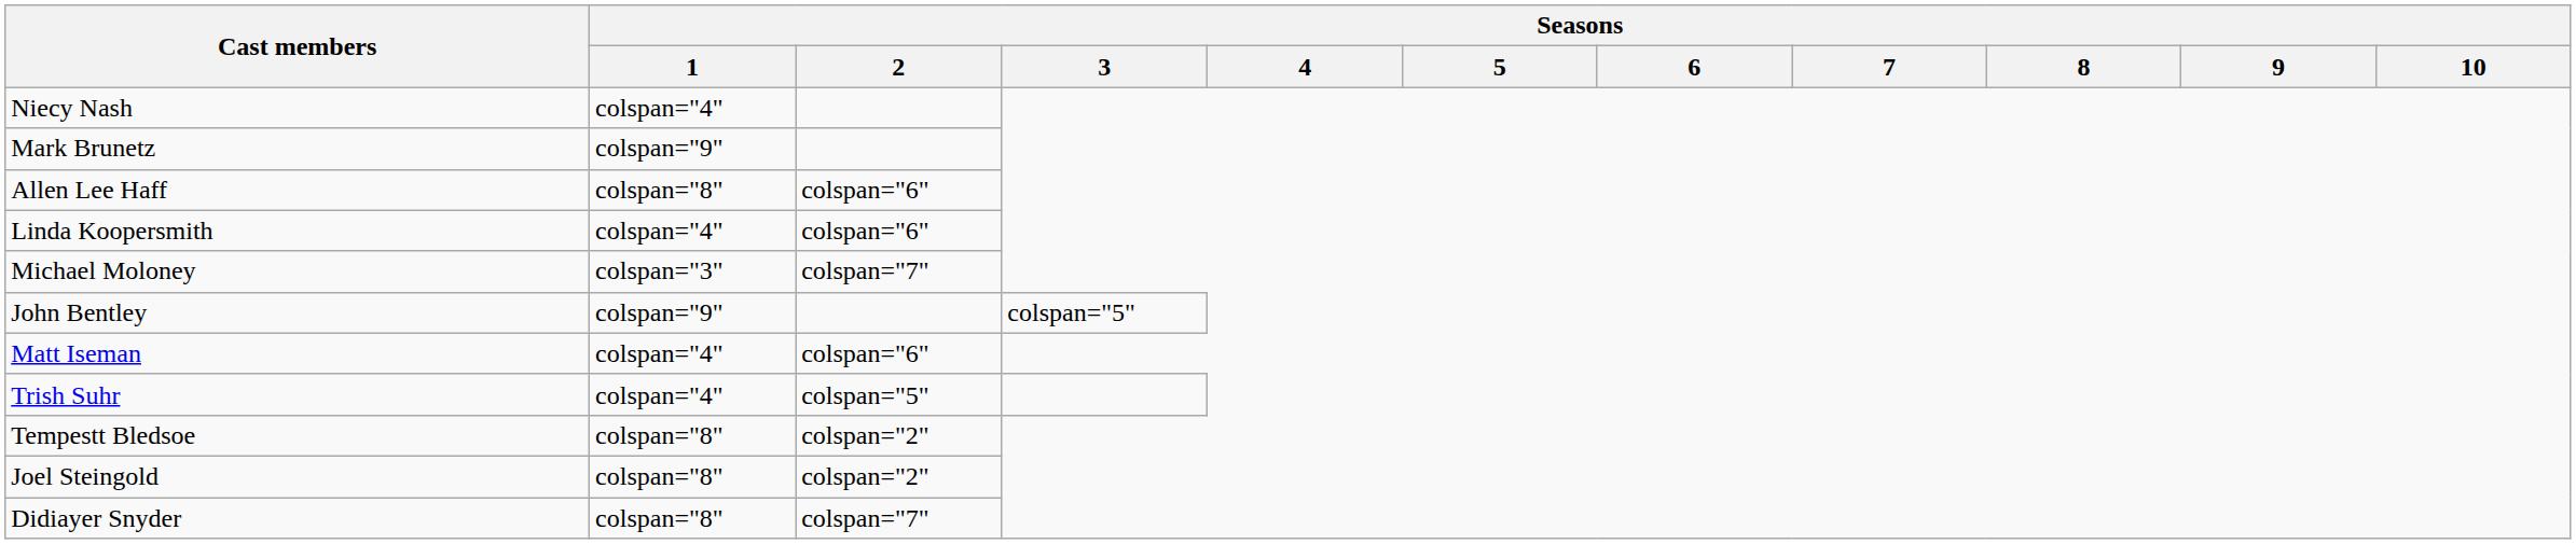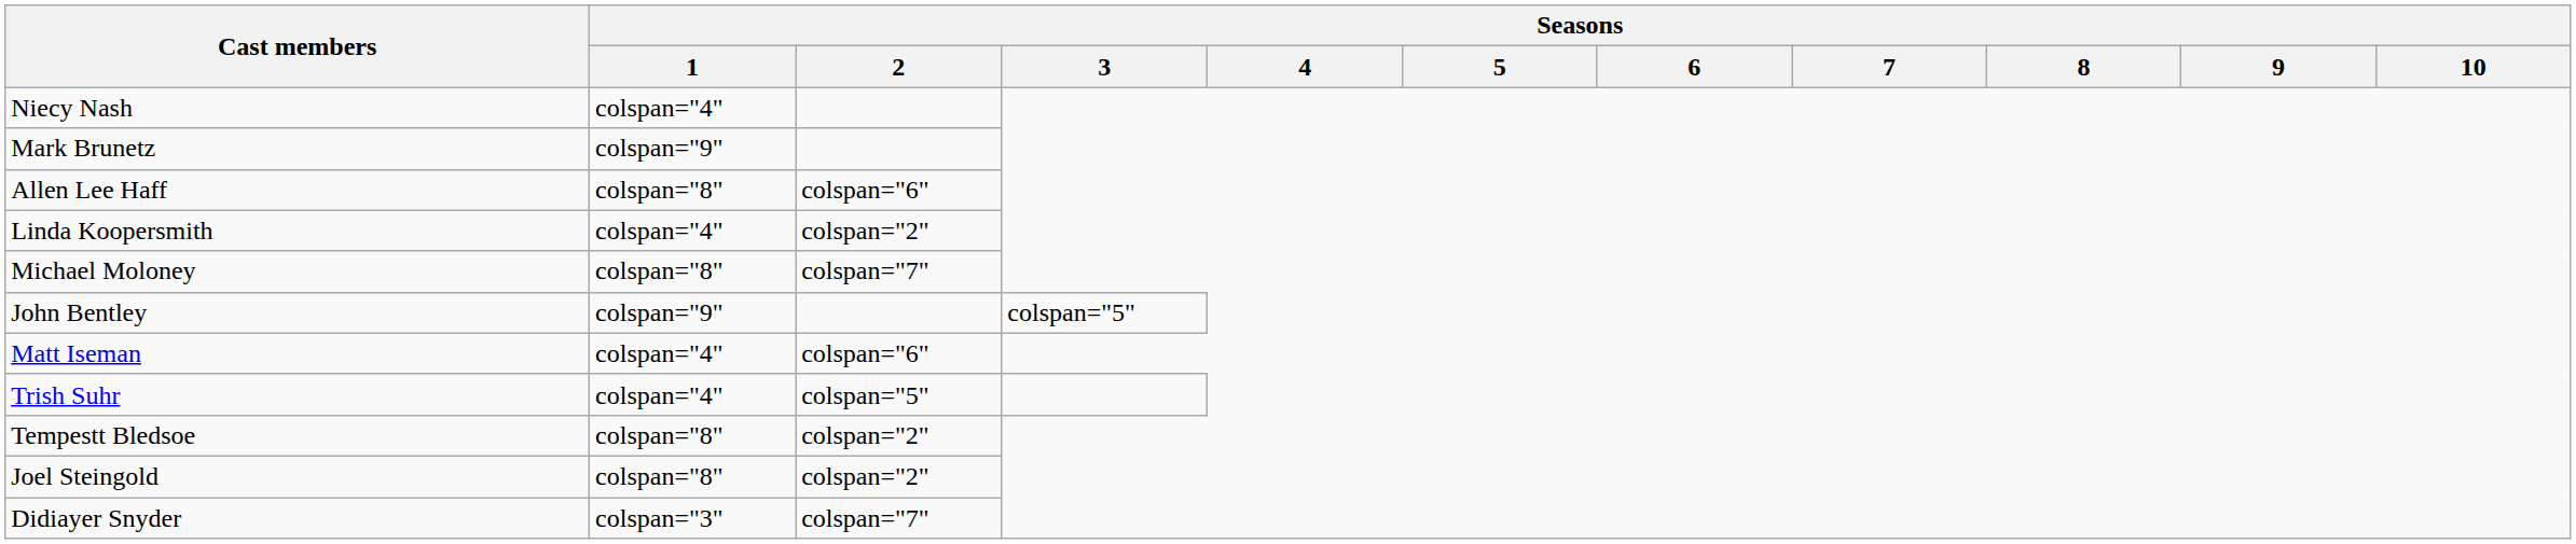 <table class="wikitable plainrowheaders" style="width:80%;">
 <tr>
 <th rowspan="2" style="width:15%;">Cast members</th>
 <th colspan="11">Seasons</th>
 </tr>
 <tr>
 <th style="width:5%;">1</th>
 <th style="width:5%;">2</th>
 <th style="width:5%;">3</th>
 <th style="width:5%;">4</th>
 <th style="width:5%;">5</th>
 <th style="width:5%;">6</th>
 <th style="width:5%;">7</th>
 <th style="width:5%;">8</th>
 <th style="width:5%;">9</th>
 <th style="width:5%;">10</th>
 </tr>
 <tr>
 <td>Niecy Nash</td>
 <td>colspan="4" </td>
 <td></td>
 </tr>
 <tr>
 <td>Mark Brunetz</td>
 <td>colspan="9" </td>
 <td></td>
 </tr>
 <tr>
 <td>Allen Lee Haff</td>
 <td>colspan="8" </td>
 <td>colspan="6" </td>
 </tr>
 <tr>
 <td>Linda Koopersmith</td>
 <td>colspan="4" </td>
-<td>colspan="6" </td>
+<td>colspan="2" </td>
 </tr>
 <tr>
 <td>Michael Moloney</td>
-<td>colspan="3" </td>
+<td>colspan="8" </td>
 <td>colspan="7" </td>
 </tr>
 <tr>
 <td>John Bentley</td>
 <td>colspan="9" </td>
 <td></td>
 <td>colspan="5" </td>
 </tr>
 <tr>
 <td><a href='#'>Matt Iseman</a></td>
 <td>colspan="4" </td>
 <td>colspan="6" </td>
 </tr>
 <tr>
 <td><a href='#'>Trish Suhr</a></td>
 <td>colspan="4" </td>
 <td>colspan="5" </td>
 <td></td>
 </tr>
 <tr>
 <td>Tempestt Bledsoe</td>
 <td>colspan="8" </td>
 <td>colspan="2" </td>
 </tr>
 <tr>
 <td>Joel Steingold</td>
 <td>colspan="8" </td>
 <td>colspan="2" </td>
 </tr>
 <tr>
 <td>Didiayer Snyder</td>
-<td>colspan="8" </td>
+<td>colspan="3" </td>
 <td>colspan="7" </td>
 </tr>
 </table>
